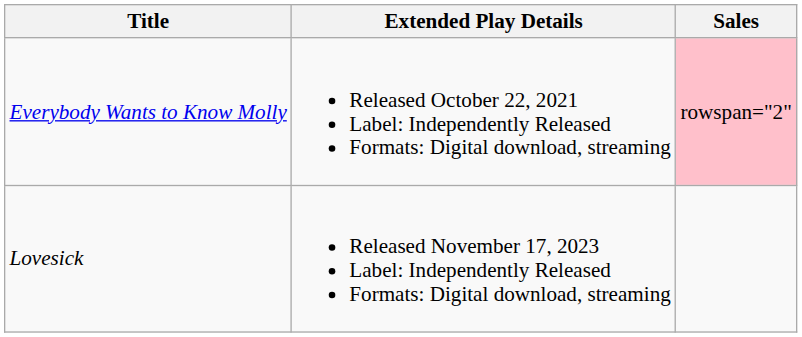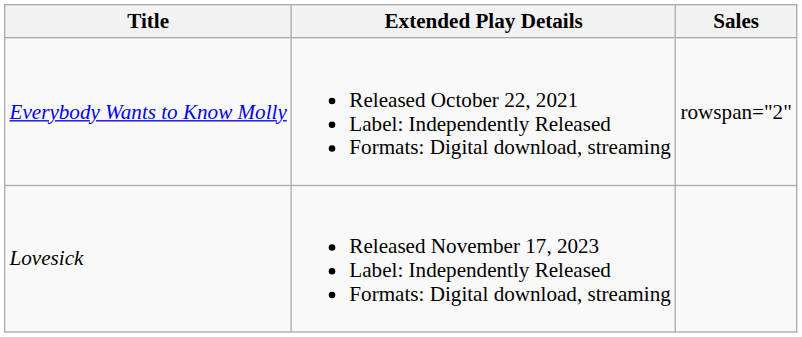 <table class="wikitable">
 <tr>
 <th>Title</th>
 <th>Extended Play Details</th>
 <th>Sales</th>
 </tr>
 <tr>
 <td><em><a href='#'>Everybody Wants to Know Molly</a></em></td>
 <td><br><ul><li>Released October 22, 2021</li><li>Label: Independently Released</li><li>Formats: Digital download, streaming</li></ul></td>
-<td style="background: pink;">rowspan="2" </td>
+<td>rowspan="2" </td>
 </tr>
 <tr>
 <td><em>Lovesick</em></td>
 <td><br><ul><li>Released November 17, 2023</li><li>Label: Independently Released</li><li>Formats: Digital download, streaming</li></ul></td>
 </tr>
 </table>
